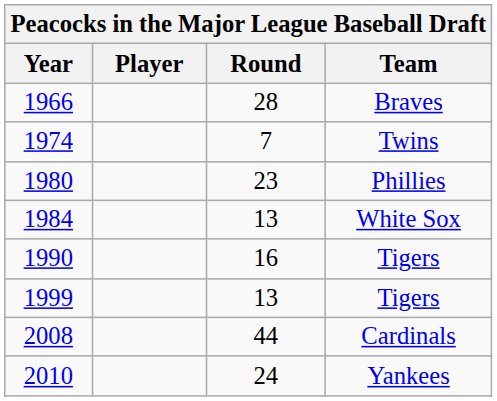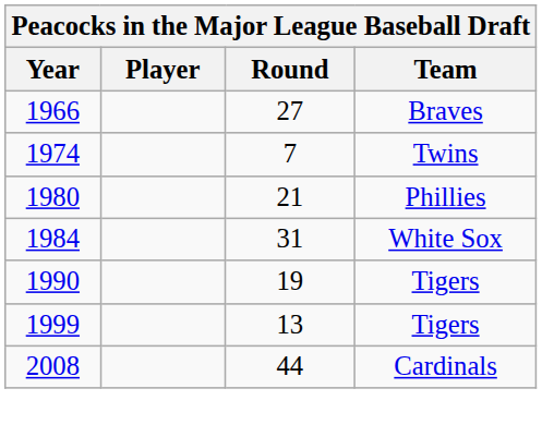 <table class="wikitable sortable collapsible collapsed" style="text-align:center">
 <tr>
 <th colspan=4>Peacocks in the Major League Baseball Draft</th>
 </tr>
 <tr>
 <th>Year</th>
 <th>Player</th>
 <th>Round</th>
 <th>Team</th>
 </tr>
 <tr>
 <td><a href='#'>1966</a></td>
 <td></td>
-<td>28</td>
+<td>27</td>
 <td><a href='#'>Braves</a></td>
 </tr>
 <tr>
 <td><a href='#'>1974</a></td>
 <td></td>
 <td>7</td>
 <td><a href='#'>Twins</a></td>
 </tr>
 <tr>
 <td><a href='#'>1980</a></td>
 <td></td>
-<td>23</td>
+<td>21</td>
 <td><a href='#'>Phillies</a></td>
 </tr>
 <tr>
 <td><a href='#'>1984</a></td>
 <td></td>
-<td>13</td>
+<td>31</td>
 <td><a href='#'>White Sox</a></td>
 </tr>
 <tr>
 <td><a href='#'>1990</a></td>
 <td></td>
-<td>16</td>
+<td>19</td>
 <td><a href='#'>Tigers</a></td>
 </tr>
 <tr>
 <td><a href='#'>1999</a></td>
 <td></td>
 <td>13</td>
 <td><a href='#'>Tigers</a></td>
 </tr>
 <tr>
 <td><a href='#'>2008</a></td>
 <td></td>
 <td>44</td>
 <td><a href='#'>Cardinals</a></td>
 </tr>
-<tr>
-<td><a href='#'>2010</a></td>
-<td></td>
-<td>24</td>
-<td><a href='#'>Yankees</a></td>
-</tr>
 </table>
